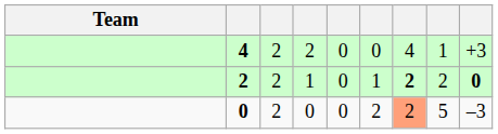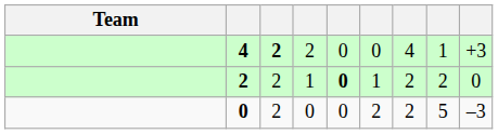 <table class="wikitable" style="text-align:center">
 <tr>
 <th width="175">Team</th>
 <th width="20"></th>
 <th width="20"></th>
 <th width="20"></th>
 <th width="20"></th>
 <th width="20"></th>
 <th width="20"></th>
 <th width="20"></th>
 <th width="20"></th>
 </tr>
 <tr bgcolor=#CCFFCC>
 <td align=left></td>
 <td><strong>4</strong></td>
-<td>2</td>
+<td><strong>2</strong></td>
 <td>2</td>
 <td>0</td>
 <td>0</td>
 <td>4</td>
 <td>1</td>
 <td>+3</td>
 </tr>
 <tr bgcolor=#CCFFCC>
 <td align=left></td>
 <td><strong>2</strong></td>
 <td>2</td>
 <td>1</td>
+<td><strong>0</strong></td>
+<td>1</td>
+<td>2</td>
+<td>2</td>
 <td>0</td>
-<td>1</td>
-<td><strong>2</strong></td>
-<td>2</td>
-<td><strong>0</strong></td>
 </tr>
 <tr>
 <td align=left></td>
 <td><strong>0</strong></td>
 <td>2</td>
 <td>0</td>
 <td>0</td>
 <td>2</td>
-<td style="background: lightsalmon;">2</td>
+<td>2</td>
 <td>5</td>
 <td>–3</td>
 </tr>
 </table>
